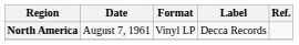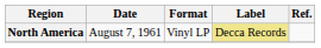 <table class="wikitable plainrowheaders">
 <tr>
 <th scope="col">Region</th>
 <th scope="col">Date</th>
 <th scope="col">Format</th>
 <th scope="col">Label</th>
 <th scope="col">Ref.</th>
 </tr>
 <tr>
 <th scope="row">North America</th>
 <td>August 7, 1961</td>
 <td>Vinyl LP</td>
-<td>Decca Records</td>
+<td style="background: khaki;">Decca Records</td>
 <td></td>
 </tr>
 <tr>
 </tr>
 </table>
